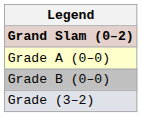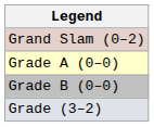 <table class=wikitable>
 <tr>
 <th>Legend</th>
 </tr>
 <tr style=background:#e5d1cb>
-<td><strong>Grand Slam (0–2)</strong></td>
+<td>Grand Slam (0–2)</td>
 </tr>
 <tr style=background:#ffc>
 <td>Grade A (0–0)</td>
 </tr>
 <tr style=background:silver>
 <td>Grade B (0–0)</td>
 </tr>
 <tr style=background:#dfe2e9>
 <td>Grade (3–2)</td>
 </tr>
 </table>
